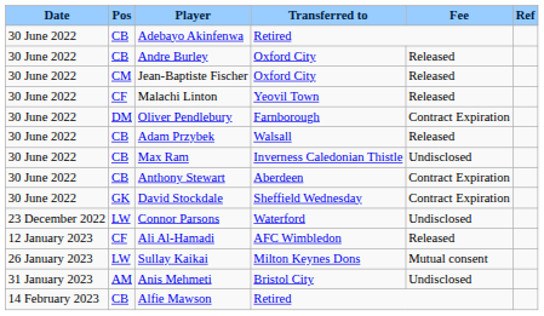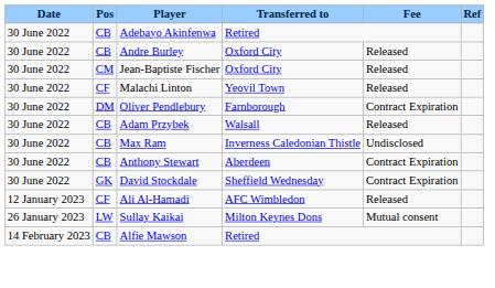 <table class="wikitable plainrowheaders sortable">
 <tr>
 <th style="background:#99ccff; color:#001f44; ">Date</th>
 <th style="background:#99ccff; color:#001f44; ">Pos</th>
 <th style="background:#99ccff; color:#001f44; ">Player</th>
 <th style="background:#99ccff; color:#001f44; ">Transferred to</th>
 <th style="background:#99ccff; color:#001f44; ">Fee</th>
 <th style="background:#99ccff; color:#001f44; ">Ref</th>
 </tr>
 <tr>
 <td>30 June 2022</td>
 <td><a href='#'>CB</a></td>
 <td> <a href='#'>Adebayo Akinfenwa</a></td>
 <td colspan="2"> <a href='#'>Retired</a></td>
 <td></td>
 </tr>
 <tr>
 <td>30 June 2022</td>
 <td><a href='#'>CB</a></td>
 <td> <a href='#'>Andre Burley</a></td>
 <td> <a href='#'>Oxford City</a></td>
 <td>Released</td>
 <td></td>
 </tr>
 <tr>
 <td>30 June 2022</td>
 <td><a href='#'>CM</a></td>
 <td> Jean-Baptiste Fischer</td>
 <td> <a href='#'>Oxford City</a></td>
 <td>Released</td>
 <td></td>
 </tr>
 <tr>
 <td>30 June 2022</td>
 <td><a href='#'>CF</a></td>
 <td> Malachi Linton</td>
 <td> <a href='#'>Yeovil Town</a></td>
 <td>Released</td>
 <td></td>
 </tr>
 <tr>
 <td>30 June 2022</td>
 <td><a href='#'>DM</a></td>
 <td> <a href='#'>Oliver Pendlebury</a></td>
 <td> <a href='#'>Farnborough</a></td>
 <td>Contract Expiration</td>
 <td></td>
 </tr>
 <tr>
 <td>30 June 2022</td>
 <td><a href='#'>CB</a></td>
 <td> <a href='#'>Adam Przybek</a></td>
 <td> <a href='#'>Walsall</a></td>
 <td>Released</td>
 <td></td>
 </tr>
 <tr>
 <td>30 June 2022</td>
 <td><a href='#'>CB</a></td>
 <td> <a href='#'>Max Ram</a></td>
 <td> <a href='#'>Inverness Caledonian Thistle</a></td>
 <td>Undisclosed</td>
 <td></td>
 </tr>
 <tr>
 <td>30 June 2022</td>
 <td><a href='#'>CB</a></td>
 <td> <a href='#'>Anthony Stewart</a></td>
 <td> <a href='#'>Aberdeen</a></td>
 <td>Contract Expiration</td>
 <td></td>
 </tr>
 <tr>
 <td>30 June 2022</td>
 <td><a href='#'>GK</a></td>
 <td> <a href='#'>David Stockdale</a></td>
 <td> <a href='#'>Sheffield Wednesday</a></td>
 <td>Contract Expiration</td>
 <td></td>
 </tr>
 <tr>
-<td>23 December 2022</td>
-<td><a href='#'>LW</a></td>
-<td> <a href='#'>Connor Parsons</a></td>
-<td> <a href='#'>Waterford</a></td>
-<td>Undisclosed</td>
-<td></td>
-</tr>
-<tr>
 <td>12 January 2023</td>
 <td><a href='#'>CF</a></td>
 <td> <a href='#'>Ali Al-Hamadi</a></td>
 <td> <a href='#'>AFC Wimbledon</a></td>
 <td>Released</td>
 <td></td>
 </tr>
 <tr>
 <td>26 January 2023</td>
 <td><a href='#'>LW</a></td>
 <td> <a href='#'>Sullay Kaikai</a></td>
 <td> <a href='#'>Milton Keynes Dons</a></td>
 <td>Mutual consent</td>
 <td></td>
 </tr>
 <tr>
-<td>31 January 2023</td>
-<td><a href='#'>AM</a></td>
-<td> <a href='#'>Anis Mehmeti</a></td>
-<td> <a href='#'>Bristol City</a></td>
-<td>Undisclosed</td>
-<td></td>
-</tr>
-<tr>
 <td>14 February 2023</td>
 <td><a href='#'>CB</a></td>
 <td> <a href='#'>Alfie Mawson</a></td>
 <td colspan="2"> <a href='#'>Retired</a></td>
 <td></td>
 </tr>
 </table>
